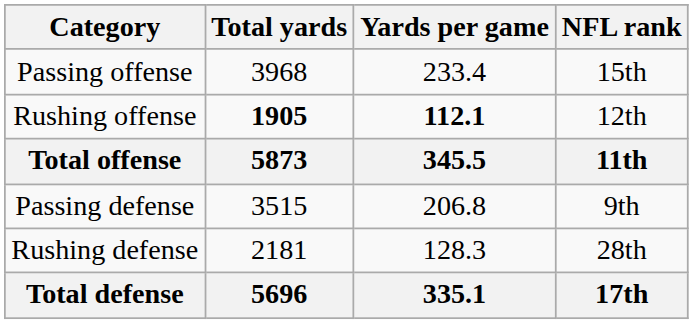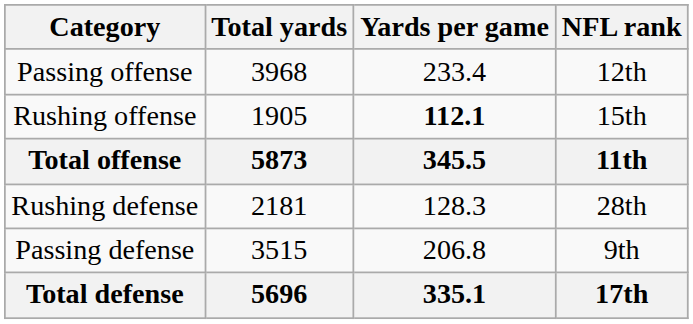 <table class="wikitable" style="text-align:center">
 <tr>
 <th>Category</th>
 <th>Total yards</th>
 <th>Yards per game</th>
 <th>NFL rank<br></th>
 </tr>
 <tr>
 <td>Passing offense</td>
 <td>3968</td>
 <td>233.4</td>
-<td>15th</td>
+<td>12th</td>
 </tr>
 <tr>
 <td>Rushing offense</td>
-<td><strong>1905</strong></td>
+<td>1905</td>
 <td><strong>112.1</strong></td>
-<td>12th</td>
+<td>15th</td>
 </tr>
 <tr>
 <th>Total offense</th>
 <th>5873</th>
 <th>345.5</th>
 <th>11th</th>
 </tr>
 <tr>
+<td>Rushing defense</td>
+<td>2181</td>
+<td>128.3</td>
+<td>28th</td>
+</tr>
+<tr>
 <td>Passing defense</td>
 <td>3515</td>
 <td>206.8</td>
 <td>9th</td>
-</tr>
-<tr>
-<td>Rushing defense</td>
-<td>2181</td>
-<td>128.3</td>
-<td>28th</td>
 </tr>
 <tr>
 <th>Total defense</th>
 <th>5696</th>
 <th>335.1</th>
 <th>17th</th>
 </tr>
 </table>
